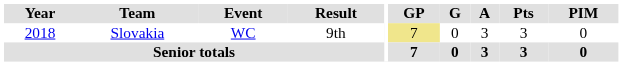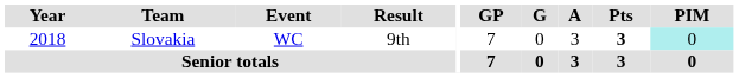 <table border="0" cellpadding="1" cellspacing="0" ID="Table3" style="text-align:center; width:40em">
 <tr ALIGN="center" bgcolor="#e0e0e0">
 <th>Year</th>
 <th>Team</th>
 <th>Event</th>
 <th>Result</th>
 <th rowspan="99" bgcolor="#ffffff"></th>
 <th>GP</th>
 <th>G</th>
 <th>A</th>
 <th>Pts</th>
 <th>PIM</th>
 </tr>
 <tr>
 <td><a href='#'>2018</a></td>
 <td><a href='#'>Slovakia</a></td>
 <td><a href='#'>WC</a></td>
 <td>9th</td>
-<td style="background: khaki;">7</td>
+<td>7</td>
 <td>0</td>
 <td>3</td>
-<td>3</td>
-<td>0</td>
+<td><strong>3</strong></td>
+<td style="background: paleturquoise;">0</td>
 </tr>
 <tr ALIGN="center" bgcolor="#e0e0e0">
 <th colspan=4>Senior totals</th>
 <th>7</th>
 <th>0</th>
 <th>3</th>
 <th>3</th>
 <th>0</th>
 </tr>
 </table>
